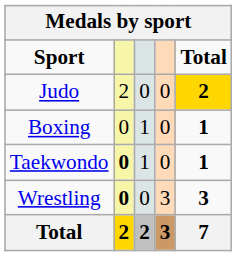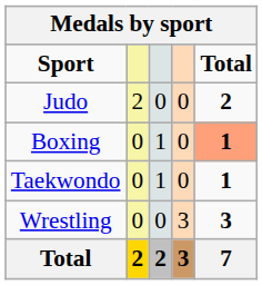 <table class=wikitable style="font-size:85%; float:right">
 <tr bgcolor=efefef>
 <th colspan=7><strong>Medals by sport</strong></th>
 </tr>
 <tr align=center>
 <td><strong>Sport</strong></td>
 <td bgcolor=f7f6a8></td>
 <td bgcolor=dce5e5></td>
 <td bgcolor=ffdab9></td>
 <td><strong>Total</strong></td>
 </tr>
 <tr align=center>
 <td><a href='#'>Judo</a></td>
 <td style="background:#F7F6A8;">2</td>
 <td style="background:#DCE5E5;">0</td>
 <td style="background:#FFDAB9;">0</td>
-<td style="background: gold;"><strong>2</strong></td>
+<td><strong>2</strong></td>
 </tr>
 <tr align=center>
 <td><a href='#'>Boxing</a></td>
 <td style="background:#F7F6A8;">0</td>
 <td style="background:#DCE5E5;">1</td>
 <td style="background:#FFDAB9;">0</td>
-<td><strong>1</strong></td>
+<td style="background: lightsalmon;"><strong>1</strong></td>
 </tr>
 <tr align=center>
 <td><a href='#'>Taekwondo</a></td>
-<td style="background:#F7F6A8;"><strong>0</strong></td>
+<td style="background:#F7F6A8;">0</td>
 <td style="background:#DCE5E5;">1</td>
 <td style="background:#FFDAB9;">0</td>
 <td><strong>1</strong></td>
 </tr>
 <tr align=center>
 <td><a href='#'>Wrestling</a></td>
-<td style="background:#F7F6A8;"><strong>0</strong></td>
+<td style="background:#F7F6A8;">0</td>
 <td style="background:#DCE5E5;">0</td>
 <td style="background:#FFDAB9;">3</td>
 <td><strong>3</strong></td>
 </tr>
 <tr align=center>
 <th>Total</th>
 <th style="background:gold">2</th>
 <th style="background:silver">2</th>
 <th style="background:#c96">3</th>
 <th>7</th>
 </tr>
 </table>
